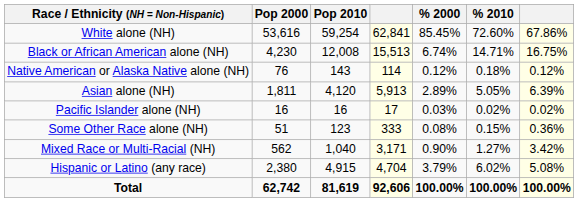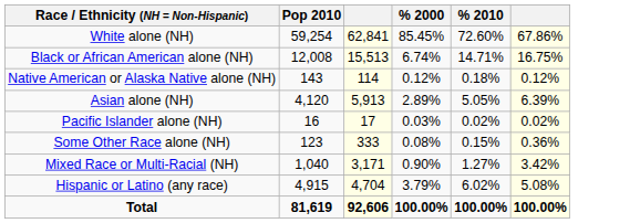 <table class="wikitable" style="text-align:center;">
 <tr>
 <th>Race / Ethnicity <small>(<em>NH = Non-Hispanic</em>)</small></th>
-<th>Pop 2000</th>
 <th>Pop 2010</th>
 <th></th>
 <th>% 2000</th>
 <th>% 2010</th>
 <th></th>
 </tr>
 <tr>
 <td><a href='#'>White</a> alone (NH)</td>
-<td>53,616</td>
 <td>59,254</td>
 <td style='background: #ffffe6;'>62,841</td>
 <td>85.45%</td>
 <td>72.60%</td>
 <td style='background: #ffffe6;'>67.86%</td>
 </tr>
 <tr>
 <td><a href='#'>Black or African American</a> alone (NH)</td>
-<td>4,230</td>
 <td>12,008</td>
 <td style='background: #ffffe6;'>15,513</td>
 <td>6.74%</td>
 <td>14.71%</td>
 <td style='background: #ffffe6;'>16.75%</td>
 </tr>
 <tr>
 <td><a href='#'>Native American</a> or <a href='#'>Alaska Native</a> alone (NH)</td>
-<td>76</td>
 <td>143</td>
 <td style='background: #ffffe6;'>114</td>
 <td>0.12%</td>
 <td>0.18%</td>
 <td style='background: #ffffe6;'>0.12%</td>
 </tr>
 <tr>
 <td><a href='#'>Asian</a> alone (NH)</td>
-<td>1,811</td>
 <td>4,120</td>
 <td style='background: #ffffe6;'>5,913</td>
 <td>2.89%</td>
 <td>5.05%</td>
 <td style='background: #ffffe6;'>6.39%</td>
 </tr>
 <tr>
 <td><a href='#'>Pacific Islander</a> alone (NH)</td>
 <td>16</td>
-<td>16</td>
 <td style='background: #ffffe6;'>17</td>
 <td>0.03%</td>
 <td>0.02%</td>
 <td style='background: #ffffe6;'>0.02%</td>
 </tr>
 <tr>
 <td><a href='#'>Some Other Race</a> alone (NH)</td>
-<td>51</td>
 <td>123</td>
 <td style='background: #ffffe6;'>333</td>
 <td>0.08%</td>
 <td>0.15%</td>
 <td style='background: #ffffe6;'>0.36%</td>
 </tr>
 <tr>
 <td><a href='#'>Mixed Race or Multi-Racial</a> (NH)</td>
-<td>562</td>
 <td>1,040</td>
 <td style='background: #ffffe6;'>3,171</td>
 <td>0.90%</td>
 <td>1.27%</td>
 <td style='background: #ffffe6;'>3.42%</td>
 </tr>
 <tr>
 <td><a href='#'>Hispanic or Latino</a> (any race)</td>
-<td>2,380</td>
 <td>4,915</td>
 <td style='background: #ffffe6;'>4,704</td>
 <td>3.79%</td>
 <td>6.02%</td>
 <td style='background: #ffffe6;'>5.08%</td>
 </tr>
 <tr>
 <td><strong>Total</strong></td>
-<td><strong>62,742</strong></td>
 <td><strong>81,619</strong></td>
 <td style='background: #ffffe6;'><strong>92,606</strong></td>
 <td><strong>100.00%</strong></td>
 <td><strong>100.00%</strong></td>
 <td style='background: #ffffe6;'><strong>100.00%</strong></td>
 </tr>
 </table>
